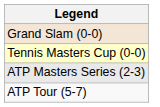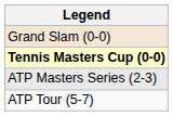 <table class="wikitable sortable mw-collapsible mw-collapsed">
 <tr>
 <th>Legend</th>
 </tr>
 <tr style="background:#f3e6d7;">
 <td>Grand Slam (0-0)</td>
 </tr>
 <tr style="background:#ffffcc;">
-<td>Tennis Masters Cup (0-0)</td>
+<td><strong>Tennis Masters Cup (0-0)</strong></td>
 </tr>
 <tr style="background:#e9e9e9;">
 <td>ATP Masters Series (2-3)</td>
 </tr>
 <tr>
 <td>ATP Tour (5-7)</td>
 </tr>
 </table>
